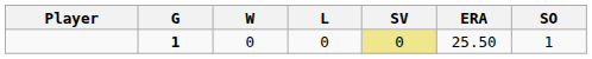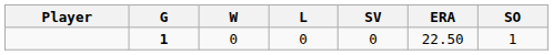 <table class="wikitable sortable">
 <tr>
 <th bgcolor="#DDDDFF" width="16%">Player</th>
 <th bgcolor="#DDDDFF" width="9%">G</th>
 <th bgcolor="#DDDDFF" width="9%">W</th>
 <th bgcolor="#DDDDFF" width="9%">L</th>
 <th bgcolor="#DDDDFF" width="9%">SV</th>
 <th bgcolor="#DDDDFF" width="9%">ERA</th>
 <th bgcolor="#DDDDFF" width="9%">SO</th>
 </tr>
 <tr align="center">
 <td></td>
 <td><strong>1</strong></td>
 <td>0</td>
 <td>0</td>
-<td style="background: khaki;">0</td>
-<td>25.50</td>
+<td>0</td>
+<td>22.50</td>
 <td>1</td>
 </tr>
 </table>
